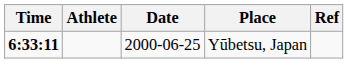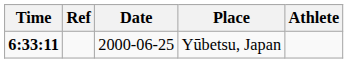 <table class="wikitable sortable" style="font-size:95%">
 <tr>
 <th>Time</th>
-<th>Athlete</th>
+<th>Ref</th>
 <th>Date</th>
 <th>Place</th>
-<th>Ref</th>
+<th>Athlete</th>
 </tr>
 <tr>
 <td align=center><strong>6:33:11</strong></td>
 <td></td>
 <td>2000-06-25</td>
 <td>Yūbetsu, Japan</td>
 <td></td>
 </tr>
 </table>
